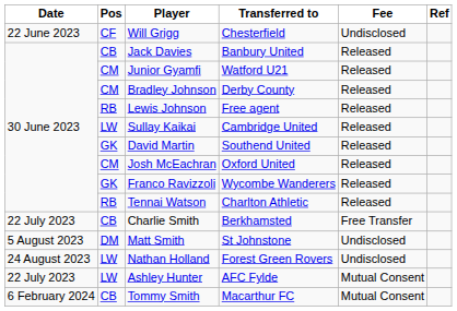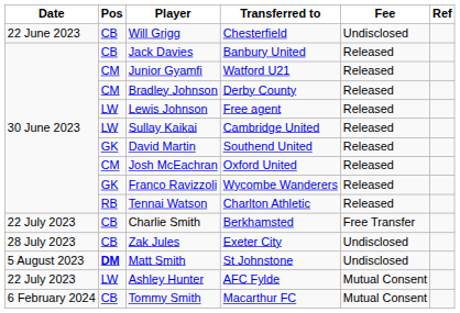 <table class="wikitable plainrowheaders sortable">
 <tr>
 <th style="background:white; color:black; ">Date</th>
 <th style="background:white; color:black; ">Pos</th>
 <th style="background:white; color:black; ">Player</th>
 <th style="background:white; color:black; ">Transferred to</th>
 <th style="background:white; color:black; ">Fee</th>
 <th style="background:white; color:black; ">Ref</th>
 </tr>
 <tr>
 <td>22 June 2023</td>
-<td><a href='#'>CF</a></td>
+<td><a href='#'>CB</a></td>
 <td> <a href='#'>Will Grigg</a></td>
 <td> <a href='#'>Chesterfield</a></td>
 <td>Undisclosed</td>
 <td></td>
 </tr>
 <tr>
 <td rowspan="9">30 June 2023</td>
 <td><a href='#'>CB</a></td>
 <td> <a href='#'>Jack Davies</a></td>
 <td> <a href='#'>Banbury United</a></td>
 <td>Released</td>
 <td></td>
 </tr>
 <tr>
 <td><a href='#'>CM</a></td>
 <td> <a href='#'>Junior Gyamfi</a></td>
 <td> <a href='#'>Watford U21</a></td>
 <td>Released</td>
 <td></td>
 </tr>
 <tr>
 <td><a href='#'>CM</a></td>
 <td> <a href='#'>Bradley Johnson</a></td>
 <td> <a href='#'>Derby County</a></td>
 <td>Released</td>
 <td></td>
 </tr>
 <tr>
-<td><a href='#'>RB</a></td>
+<td><a href='#'>LW</a></td>
 <td> <a href='#'>Lewis Johnson</a></td>
 <td> <a href='#'>Free agent</a></td>
 <td>Released</td>
 <td></td>
 </tr>
 <tr>
 <td><a href='#'>LW</a></td>
 <td> <a href='#'>Sullay Kaikai</a></td>
 <td> <a href='#'>Cambridge United</a></td>
 <td>Released</td>
 <td></td>
 </tr>
 <tr>
 <td><a href='#'>GK</a></td>
 <td> <a href='#'>David Martin</a></td>
 <td> <a href='#'>Southend United</a></td>
 <td>Released</td>
 <td></td>
 </tr>
 <tr>
 <td><a href='#'>CM</a></td>
 <td> <a href='#'>Josh McEachran</a></td>
 <td> <a href='#'>Oxford United</a></td>
 <td>Released</td>
 <td></td>
 </tr>
 <tr>
 <td><a href='#'>GK</a></td>
 <td> <a href='#'>Franco Ravizzoli</a></td>
 <td> <a href='#'>Wycombe Wanderers</a></td>
 <td>Released</td>
 <td></td>
 </tr>
 <tr>
 <td><a href='#'>RB</a></td>
 <td> <a href='#'>Tennai Watson</a></td>
 <td> <a href='#'>Charlton Athletic</a></td>
 <td>Released</td>
 <td></td>
 </tr>
 <tr>
 <td>22 July 2023</td>
 <td><a href='#'>CB</a></td>
 <td> Charlie Smith</td>
 <td> <a href='#'>Berkhamsted</a></td>
 <td>Free Transfer</td>
 <td></td>
 </tr>
 <tr>
-<td>5 August 2023</td>
-<td><a href='#'>DM</a></td>
-<td> <a href='#'>Matt Smith</a></td>
-<td> <a href='#'>St Johnstone</a></td>
+<td>28 July 2023</td>
+<td><a href='#'>CB</a></td>
+<td> <a href='#'>Zak Jules</a></td>
+<td> <a href='#'>Exeter City</a></td>
 <td>Undisclosed</td>
 <td></td>
 </tr>
 <tr>
-<td>24 August 2023</td>
-<td><a href='#'>LW</a></td>
-<td> <a href='#'>Nathan Holland</a></td>
-<td> <a href='#'>Forest Green Rovers</a></td>
+<td>5 August 2023</td>
+<td><strong><a href='#'>DM</a></strong></td>
+<td> <a href='#'>Matt Smith</a></td>
+<td> <a href='#'>St Johnstone</a></td>
 <td>Undisclosed</td>
 <td></td>
 </tr>
 <tr>
 <td>22 July 2023</td>
 <td><a href='#'>LW</a></td>
 <td> <a href='#'>Ashley Hunter</a></td>
 <td> <a href='#'>AFC Fylde</a></td>
 <td>Mutual Consent</td>
 <td></td>
 </tr>
 <tr>
 <td>6 February 2024</td>
 <td><a href='#'>CB</a></td>
 <td> <a href='#'>Tommy Smith</a></td>
 <td> <a href='#'>Macarthur FC</a></td>
 <td>Mutual Consent</td>
 <td></td>
 </tr>
 </table>
